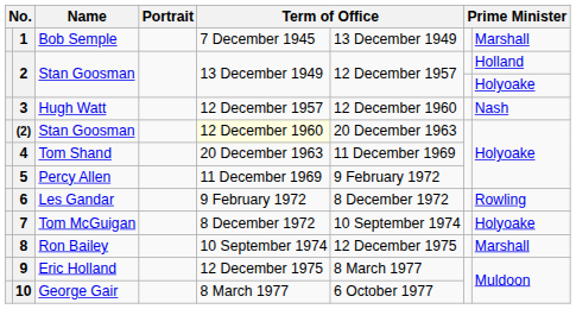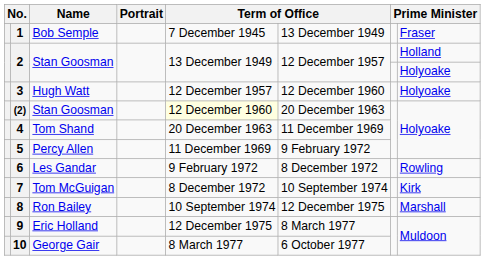 <table class="wikitable">
 <tr>
 <th colspan=2>No.</th>
 <th>Name</th>
 <th>Portrait</th>
 <th colspan=2>Term of Office</th>
 <th colspan=2>Prime Minister</th>
 </tr>
 <tr>
 <th style="color:inherit;background:"></th>
 <th>1</th>
 <td><a href='#'>Bob Semple</a></td>
 <td></td>
 <td>7 December 1945</td>
 <td>13 December 1949</td>
 <td width=1 style="color:inherit;background:"></td>
-<td><a href='#'>Marshall</a></td>
+<td><a href='#'>Fraser</a></td>
 </tr>
 <tr>
 <th rowspan=2 style="color:inherit;background:"></th>
 <th rowspan=2>2</th>
 <td rowspan=2><a href='#'>Stan Goosman</a></td>
 <td rowspan=2></td>
 <td rowspan=2>13 December 1949</td>
 <td rowspan=2>12 December 1957</td>
 <td style="color:inherit;background:"></td>
 <td><a href='#'>Holland</a></td>
 </tr>
 <tr>
 <td style="color:inherit;background:"></td>
 <td><a href='#'>Holyoake</a></td>
 </tr>
 <tr>
 <th style="color:inherit;background:"></th>
 <th>3</th>
 <td><a href='#'>Hugh Watt</a></td>
 <td></td>
 <td>12 December 1957</td>
 <td>12 December 1960</td>
 <td style="color:inherit;background:"></td>
-<td><a href='#'>Nash</a></td>
+<td><a href='#'>Holyoake</a></td>
 </tr>
 <tr>
 <th style="color:inherit;background:"></th>
 <th><small>(2)</small></th>
 <td><a href='#'>Stan Goosman</a></td>
 <td></td>
 <td style="background: lightyellow;">12 December 1960</td>
 <td>20 December 1963</td>
 <td rowspan="3" style="color:inherit;background:"></td>
 <td rowspan="3"><a href='#'>Holyoake</a></td>
 </tr>
 <tr>
 <th style="color:inherit;background:"></th>
 <th>4</th>
 <td><a href='#'>Tom Shand</a></td>
 <td></td>
 <td>20 December 1963</td>
 <td>11 December 1969</td>
 </tr>
 <tr>
 <th style="color:inherit;background:"></th>
 <th>5</th>
 <td><a href='#'>Percy Allen</a></td>
 <td></td>
 <td>11 December 1969</td>
 <td>9 February 1972</td>
 </tr>
 <tr>
 <th style="color:inherit;background:"></th>
 <th>6</th>
 <td><a href='#'>Les Gandar</a></td>
 <td></td>
 <td>9 February 1972</td>
 <td>8 December 1972</td>
 <td style="color:inherit;background:"></td>
 <td><a href='#'>Rowling</a></td>
 </tr>
 <tr>
 <th style="color:inherit;background:"></th>
 <th>7</th>
 <td><a href='#'>Tom McGuigan</a></td>
 <td></td>
 <td>8 December 1972</td>
 <td>10 September 1974</td>
 <td style="color:inherit;background:"></td>
-<td><a href='#'>Holyoake</a></td>
+<td><a href='#'>Kirk</a></td>
 </tr>
 <tr>
 <th style="color:inherit;background:"></th>
 <th>8</th>
 <td><a href='#'>Ron Bailey</a></td>
 <td></td>
 <td>10 September 1974</td>
 <td>12 December 1975</td>
 <td style="color:inherit;background:"></td>
 <td><a href='#'>Marshall</a></td>
 </tr>
 <tr>
 <th style="color:inherit;background:"></th>
 <th>9</th>
 <td><a href='#'>Eric Holland</a></td>
 <td></td>
 <td>12 December 1975</td>
 <td>8 March 1977</td>
 <td rowspan="2" style="color:inherit;background:"></td>
 <td rowspan="2"><a href='#'>Muldoon</a></td>
 </tr>
 <tr>
 <th style="color:inherit;background:"></th>
 <th>10</th>
 <td><a href='#'>George Gair</a></td>
 <td></td>
 <td>8 March 1977</td>
 <td>6 October 1977</td>
 </tr>
 </table>
